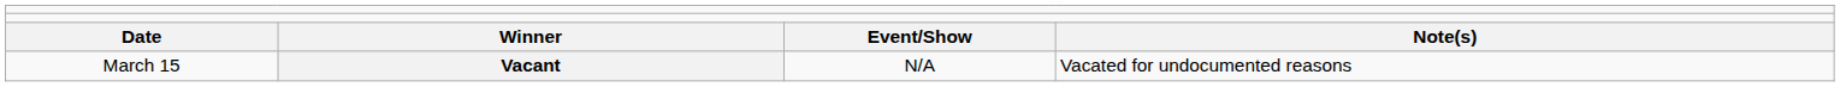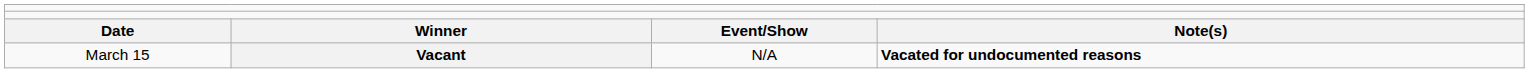 <table class="wikitable" style="text-align:center; width:100%;">
 <tr>
 <td colspan=5></td>
 </tr>
 <tr>
 <td colspan=5><strong></strong></td>
 </tr>
 <tr>
 <th width=14%>Date</th>
 <th width=26%>Winner</th>
 <th width=14%>Event/Show</th>
 <th width=40%>Note(s)</th>
 </tr>
 <tr>
 <td>March 15</td>
 <th>Vacant</th>
 <td>N/A</td>
-<td align=left>Vacated for undocumented reasons</td>
+<td align=left><strong>Vacated for undocumented reasons</strong></td>
 </tr>
 </table>
